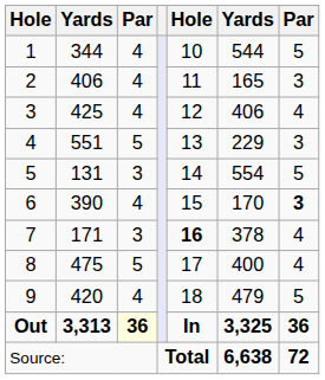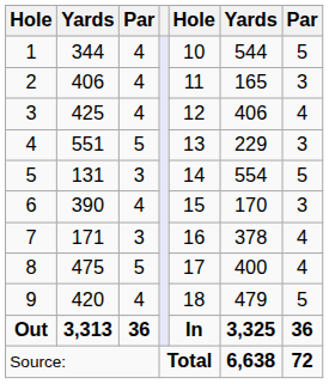 <table class=wikitable style="text-align: center">
 <tr>
 <th>Hole</th>
 <th>Yards</th>
 <th>Par</th>
 <th></th>
 <th>Hole</th>
 <th>Yards</th>
 <th>Par</th>
 </tr>
 <tr>
 <td>1</td>
 <td>344</td>
 <td>4</td>
 <td rowspan=10 style="background:#E6E8FA;"></td>
 <td>10</td>
 <td>544</td>
 <td>5</td>
 </tr>
 <tr>
 <td>2</td>
 <td>406</td>
 <td>4</td>
 <td>11</td>
 <td>165</td>
 <td>3</td>
 </tr>
 <tr>
 <td>3</td>
 <td>425</td>
 <td>4</td>
 <td>12</td>
 <td>406</td>
 <td>4</td>
 </tr>
 <tr>
 <td>4</td>
 <td>551</td>
 <td>5</td>
 <td>13</td>
 <td>229</td>
 <td>3</td>
 </tr>
 <tr>
 <td>5</td>
 <td>131</td>
 <td>3</td>
 <td>14</td>
 <td>554</td>
 <td>5</td>
 </tr>
 <tr>
 <td>6</td>
 <td>390</td>
 <td>4</td>
 <td>15</td>
 <td>170</td>
-<td><strong>3</strong></td>
+<td>3</td>
 </tr>
 <tr>
 <td>7</td>
 <td>171</td>
 <td>3</td>
-<td><strong>16</strong></td>
+<td>16</td>
 <td>378</td>
 <td>4</td>
 </tr>
 <tr>
 <td>8</td>
 <td>475</td>
 <td>5</td>
 <td>17</td>
 <td>400</td>
 <td>4</td>
 </tr>
 <tr>
 <td>9</td>
 <td>420</td>
 <td>4</td>
 <td>18</td>
 <td>479</td>
 <td>5</td>
 </tr>
 <tr>
 <td><strong>Out</strong></td>
 <td><strong>3,313</strong></td>
-<td style="background: lightyellow;"><strong>36</strong></td>
+<td><strong>36</strong></td>
 <td><strong>In</strong></td>
 <td><strong>3,325</strong></td>
 <td><strong>36</strong></td>
 </tr>
 <tr>
 <td colspan=3 align=left><small>Source:</small></td>
 <td colspan=2><strong>Total</strong></td>
 <td><strong>6,638</strong></td>
 <td><strong>72</strong></td>
 </tr>
 </table>
